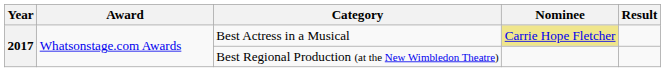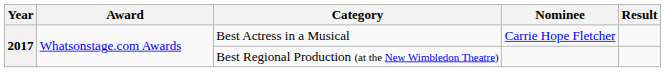 <table class="wikitable">
 <tr>
 <th scope="col">Year</th>
 <th scope="col" style="width:13em;">Award</th>
 <th scope="col">Category</th>
 <th scope="col">Nominee</th>
 <th scope="col">Result</th>
 </tr>
 <tr>
 <th scope="row" rowspan="2">2017</th>
 <td rowspan="2"><a href='#'>Whatsonstage.com Awards</a></td>
 <td>Best Actress in a Musical</td>
-<td style="background: khaki;"><a href='#'>Carrie Hope Fletcher</a></td>
+<td><a href='#'>Carrie Hope Fletcher</a></td>
 <td></td>
 </tr>
 <tr>
 <td>Best Regional Production <small>(at the <a href='#'>New Wimbledon Theatre</a>)</small></td>
 <td></td>
 <td></td>
 </tr>
 </table>
